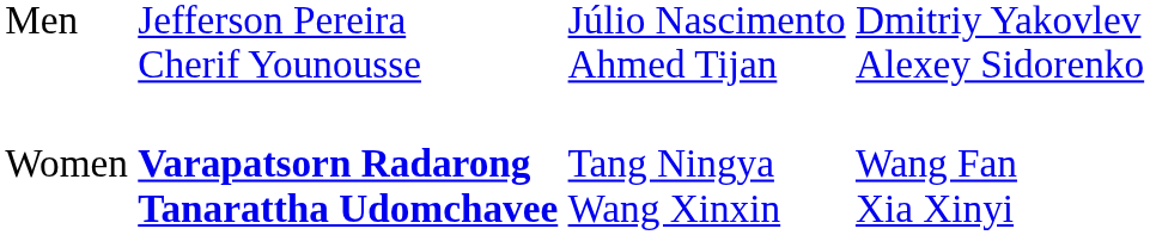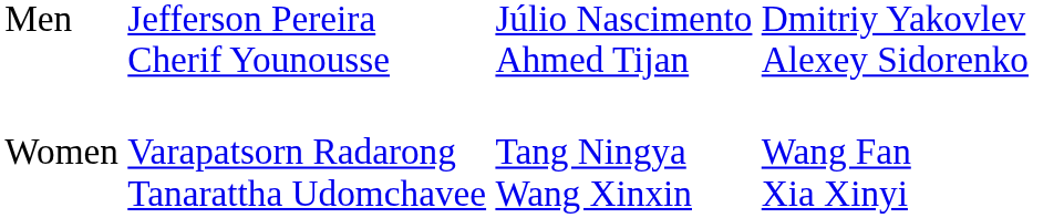 <table>
 <tr>
 <td>Men</td>
 <td><br><a href='#'>Jefferson Pereira</a><br><a href='#'>Cherif Younousse</a></td>
 <td><br><a href='#'>Júlio Nascimento</a><br><a href='#'>Ahmed Tijan</a></td>
 <td><br><a href='#'>Dmitriy Yakovlev</a><br><a href='#'>Alexey Sidorenko</a></td>
 </tr>
 <tr>
 <td>Women</td>
-<td><strong><br><a href='#'>Varapatsorn Radarong</a><br><a href='#'>Tanarattha Udomchavee</a></strong></td>
+<td><br><a href='#'>Varapatsorn Radarong</a><br><a href='#'>Tanarattha Udomchavee</a></td>
 <td><br><a href='#'>Tang Ningya</a><br><a href='#'>Wang Xinxin</a></td>
 <td><br><a href='#'>Wang Fan</a><br><a href='#'>Xia Xinyi</a></td>
 </tr>
 </table>
